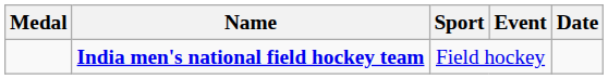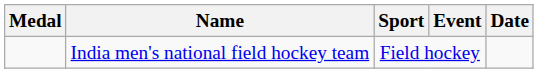 <table class="wikitable" style="font-size:95%">
 <tr>
 <th>Medal</th>
 <th>Name</th>
 <th>Sport</th>
 <th>Event</th>
 <th>Date</th>
 </tr>
 <tr>
 <td></td>
-<td><strong><a href='#'>India men's national field hockey team</a><br></strong></td>
+<td><a href='#'>India men's national field hockey team</a><br></td>
 <td colspan=2 align=center><a href='#'>Field hockey</a></td>
 <td></td>
 </tr>
 </table>
